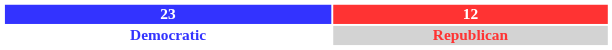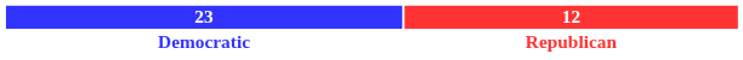 <table style="width:50%">
 <tr>
 <td scope="row" colspan="3" style="text-align:center"></td>
 </tr>
 <tr>
 <td scope="row" style="background:#33F; width:54.28%; text-align:center; color:white"><strong>23</strong></td>
 <td style="background:#F33; width:45.72%; text-align:center; color:white"><strong>12</strong></td>
 </tr>
 <tr>
 <td scope="row" style="text-align:center; color:#33F"><strong>Democratic</strong></td>
-<td style="background: lightgrey; text-align:center; color:#F33"><strong>Republican</strong></td>
+<td style="text-align:center; color:#F33"><strong>Republican</strong></td>
 </tr>
 </table>
